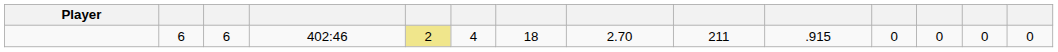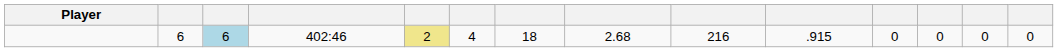 <table class="wikitable sortable" style="width:100%; text-align:center;">
 <tr style="text-align:center; background:#ddd;">
 <th>Player</th>
 <th></th>
 <th></th>
 <th></th>
 <th></th>
 <th></th>
 <th></th>
 <th></th>
 <th></th>
 <th></th>
 <th></th>
 <th></th>
 <th></th>
 <th></th>
 </tr>
 <tr>
 <td></td>
 <td>6</td>
-<td>6</td>
+<td style="background: lightblue;">6</td>
 <td>402:46</td>
 <td style="background: khaki;">2</td>
 <td>4</td>
 <td>18</td>
-<td>2.70</td>
-<td>211</td>
+<td>2.68</td>
+<td>216</td>
 <td>.915</td>
 <td>0</td>
 <td>0</td>
 <td>0</td>
 <td>0</td>
 </tr>
 </table>
